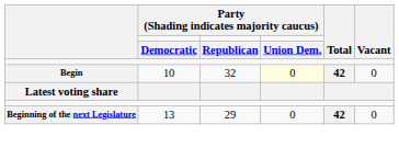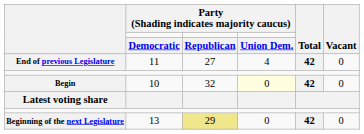 <table class=wikitable style="text-align:center">
 <tr style="vertical-align:bottom;">
 <th rowspan=3></th>
 <th colspan=3>Party <div>(Shading indicates majority caucus)</div></th>
 <th rowspan=3>Total</th>
 <th rowspan=3>Vacant</th>
 </tr>
 <tr style="height:5px">
 <td style="background-color:"></td>
 <td style="background-color:"></td>
 <td style="background-color:"></td>
 </tr>
 <tr>
 <th><a href='#'>Democratic</a></th>
 <th><a href='#'>Republican</a></th>
 <th><a href='#'>Union Dem.</a></th>
+</tr>
+<tr>
+<th style="white-space:nowrap; font-size:80%;">End of <a href='#'>previous Legislature</a></th>
+<td>11</td>
+<td>27</td>
+<td>4</td>
+<th>42</th>
+<td>0</td>
 </tr>
 <tr>
 <td colspan=6></td>
 </tr>
 <tr>
 <th style="font-size:80%">Begin</th>
 <td>10</td>
 <td>32</td>
 <td style="background: lightyellow;">0</td>
 <th>42</th>
 <td>0</td>
 </tr>
 <tr>
 <th>Latest voting share</th>
 <th></th>
 <th></th>
 <th></th>
 <th colspan=2></th>
 </tr>
 <tr>
 <td colspan=6></td>
 </tr>
 <tr>
 <th style="white-space:nowrap; font-size:80%;">Beginning of the <a href='#'>next Legislature</a></th>
 <td>13</td>
-<td>29</td>
+<td style="background: khaki;">29</td>
 <td>0</td>
 <th>42</th>
 <td>0</td>
 </tr>
 </table>
